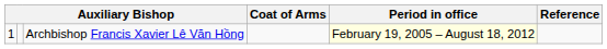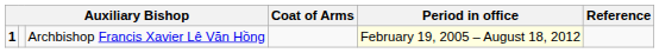 <table class="wikitable">
 <tr>
 <th colspan="3">Auxiliary Bishop</th>
 <th>Coat of Arms</th>
 <th>Period in office</th>
 <th>Reference</th>
 </tr>
 <tr>
-<td>1</td>
+<td><strong>1</strong></td>
 <td></td>
 <td>Archbishop <a href='#'>Francis Xavier Lê Văn Hồng</a></td>
 <td></td>
 <td style="background: lightyellow;">February 19, 2005 – August 18, 2012</td>
 <td></td>
 </tr>
 </table>
